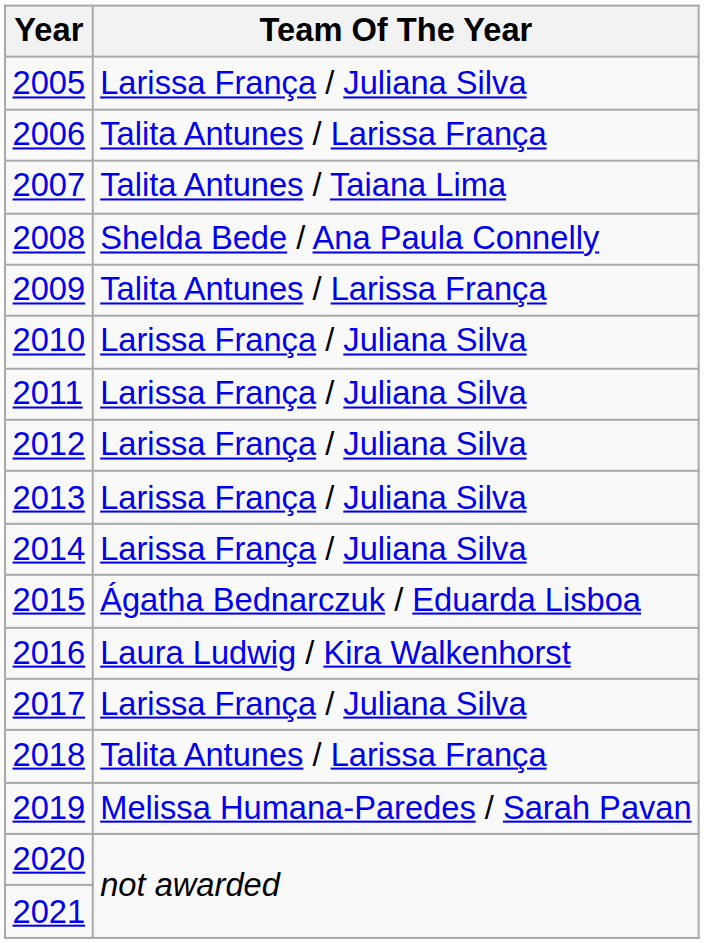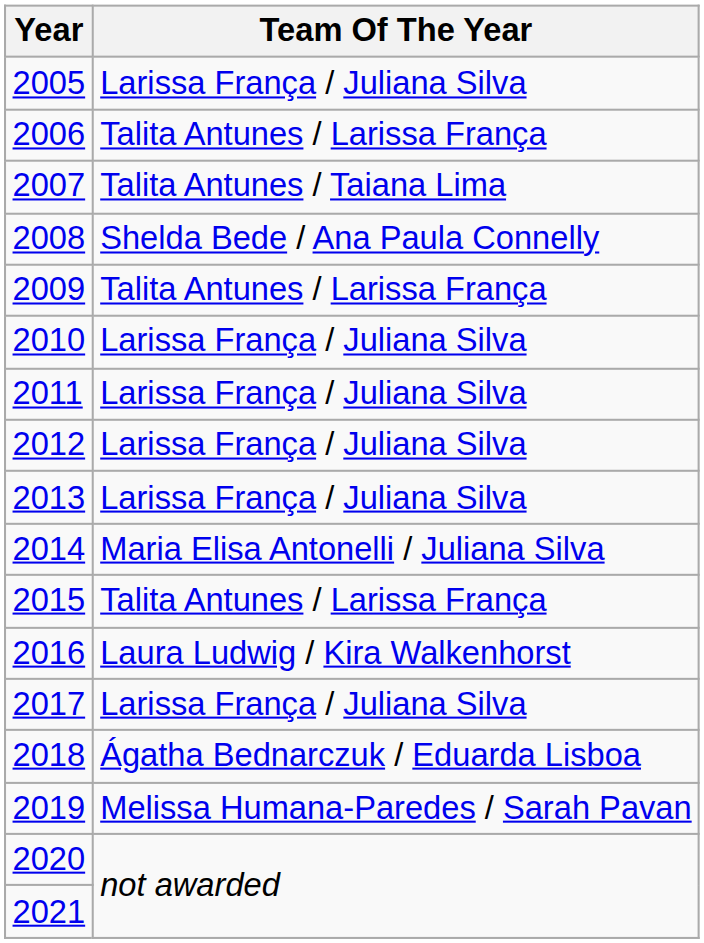 <table class="wikitable sortable" style="display:inline-table;">
 <tr>
 <th>Year</th>
 <th>Team Of The Year</th>
 </tr>
 <tr>
 <td><a href='#'>2005</a></td>
 <td> <a href='#'>Larissa França</a> / <a href='#'>Juliana Silva</a> </td>
 </tr>
 <tr>
 <td><a href='#'>2006</a></td>
 <td> <a href='#'>Talita Antunes</a> / <a href='#'>Larissa França</a> </td>
 </tr>
 <tr>
 <td><a href='#'>2007</a></td>
 <td> <a href='#'>Talita Antunes</a> / <a href='#'>Taiana Lima</a></td>
 </tr>
 <tr>
 <td><a href='#'>2008</a></td>
 <td> <a href='#'>Shelda Bede</a> / <a href='#'>Ana Paula Connelly</a></td>
 </tr>
 <tr>
 <td><a href='#'>2009</a></td>
 <td> <a href='#'>Talita Antunes</a> / <a href='#'>Larissa França</a> </td>
 </tr>
 <tr>
 <td><a href='#'>2010</a></td>
 <td> <a href='#'>Larissa França</a>  / <a href='#'>Juliana Silva</a> </td>
 </tr>
 <tr>
 <td><a href='#'>2011</a></td>
 <td> <a href='#'>Larissa França</a>  / <a href='#'>Juliana Silva</a> </td>
 </tr>
 <tr>
 <td><a href='#'>2012</a></td>
 <td> <a href='#'>Larissa França</a>  / <a href='#'>Juliana Silva</a> </td>
 </tr>
 <tr>
 <td><a href='#'>2013</a></td>
 <td> <a href='#'>Larissa França</a>  / <a href='#'>Juliana Silva</a> </td>
 </tr>
 <tr>
 <td><a href='#'>2014</a></td>
-<td> <a href='#'>Larissa França</a>  / <a href='#'>Juliana Silva</a> </td>
+<td> <a href='#'>Maria Elisa Antonelli</a> / <a href='#'>Juliana Silva</a></td>
 </tr>
 <tr>
 <td><a href='#'>2015</a></td>
-<td> <a href='#'>Ágatha Bednarczuk</a> / <a href='#'>Eduarda Lisboa</a></td>
+<td> <a href='#'>Talita Antunes</a> / <a href='#'>Larissa França</a></td>
 </tr>
 <tr>
 <td><a href='#'>2016</a></td>
 <td> <a href='#'>Laura Ludwig</a> / <a href='#'>Kira Walkenhorst</a></td>
 </tr>
 <tr>
 <td><a href='#'>2017</a></td>
 <td> <a href='#'>Larissa França</a>  / <a href='#'>Juliana Silva</a> </td>
 </tr>
 <tr>
 <td><a href='#'>2018</a></td>
-<td> <a href='#'>Talita Antunes</a> / <a href='#'>Larissa França</a></td>
+<td> <a href='#'>Ágatha Bednarczuk</a> / <a href='#'>Eduarda Lisboa</a></td>
 </tr>
 <tr>
 <td><a href='#'>2019</a></td>
 <td> <a href='#'>Melissa Humana-Paredes</a> / <a href='#'>Sarah Pavan</a></td>
 </tr>
 <tr>
 <td><a href='#'>2020</a></td>
 <td rowspan=2><em>not awarded</em></td>
 </tr>
 <tr>
 <td><a href='#'>2021</a></td>
 </tr>
 </table>
